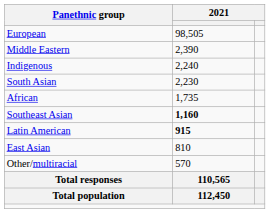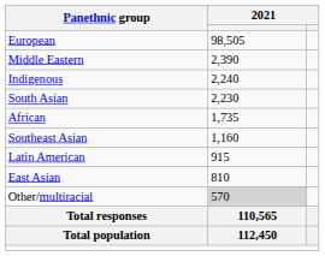 <table class="wikitable collapsible sortable">
 <tr>
 <th rowspan="2"><a href='#'>Panethnic</a> group</th>
 <th colspan="2">2021</th>
 </tr>
 <tr>
 <th><a href='#'></a></th>
 <th></th>
 </tr>
 <tr>
 <td><a href='#'>European</a></td>
 <td>98,505</td>
 <td></td>
 </tr>
 <tr>
 <td><a href='#'>Middle Eastern</a></td>
 <td>2,390</td>
 <td></td>
 </tr>
 <tr>
 <td><a href='#'>Indigenous</a></td>
 <td>2,240</td>
 <td></td>
 </tr>
 <tr>
 <td><a href='#'>South Asian</a></td>
 <td>2,230</td>
 <td></td>
 </tr>
 <tr>
 <td><a href='#'>African</a></td>
 <td>1,735</td>
 <td></td>
 </tr>
 <tr>
 <td><a href='#'>Southeast Asian</a></td>
-<td><strong>1,160</strong></td>
+<td>1,160</td>
 <td></td>
 </tr>
 <tr>
 <td><a href='#'>Latin American</a></td>
-<td><strong>915</strong></td>
+<td>915</td>
 <td></td>
 </tr>
 <tr>
 <td><a href='#'>East Asian</a></td>
 <td>810</td>
 <td></td>
 </tr>
 <tr>
 <td>Other/<a href='#'>multiracial</a></td>
-<td>570</td>
+<td style="background: lightgrey;">570</td>
 <td></td>
 </tr>
 <tr>
 <th>Total responses</th>
 <th>110,565</th>
 <th></th>
 </tr>
 <tr class="sortbottom">
 <th>Total population</th>
 <th>112,450</th>
 <th></th>
 </tr>
 <tr class="sortbottom">
 <td colspan="15" style="width: 25em;"></td>
 </tr>
 </table>
